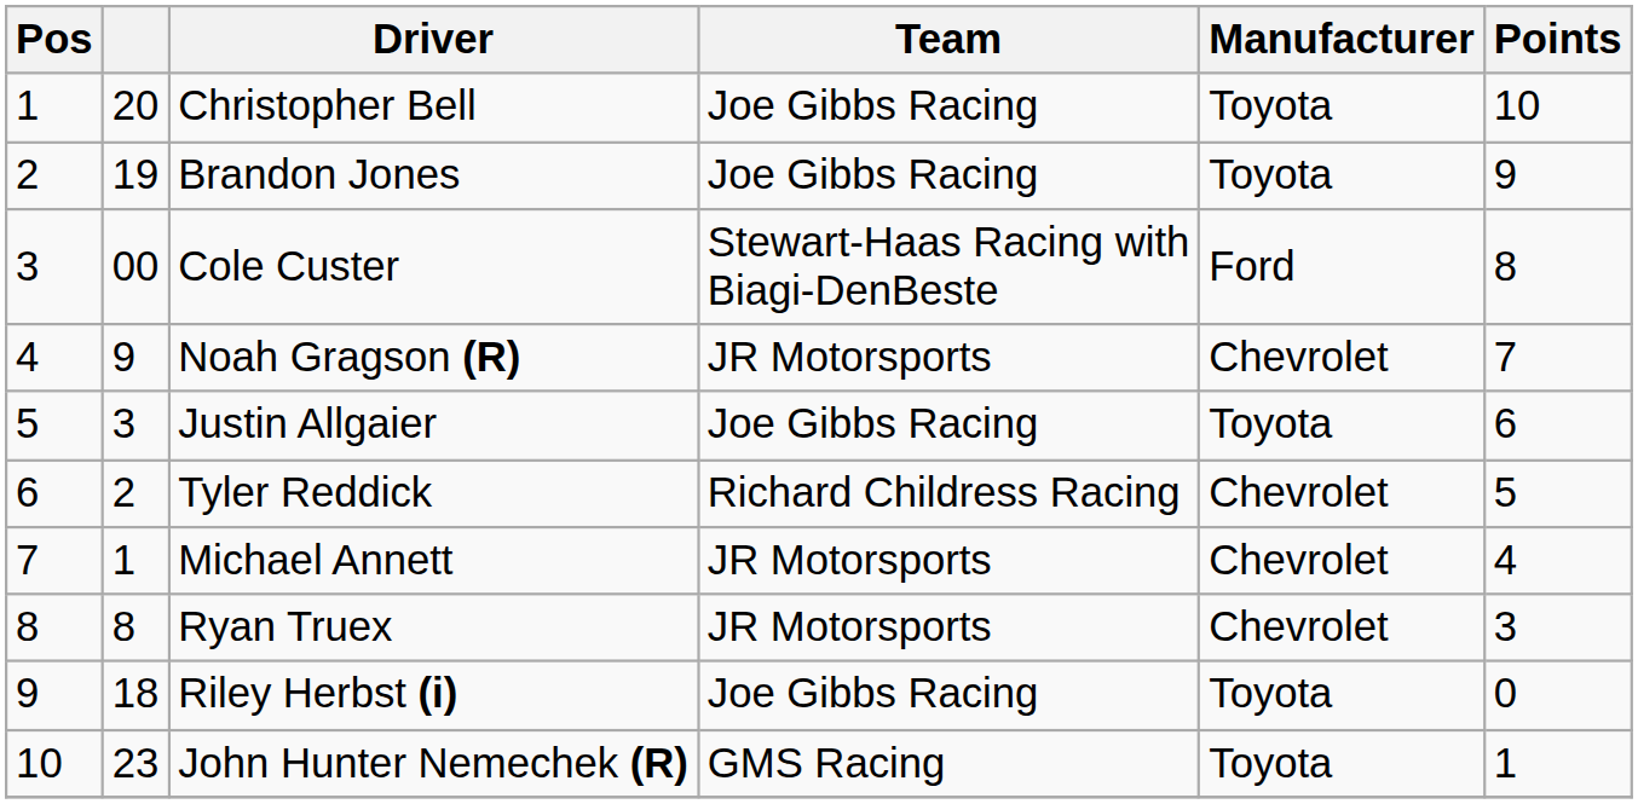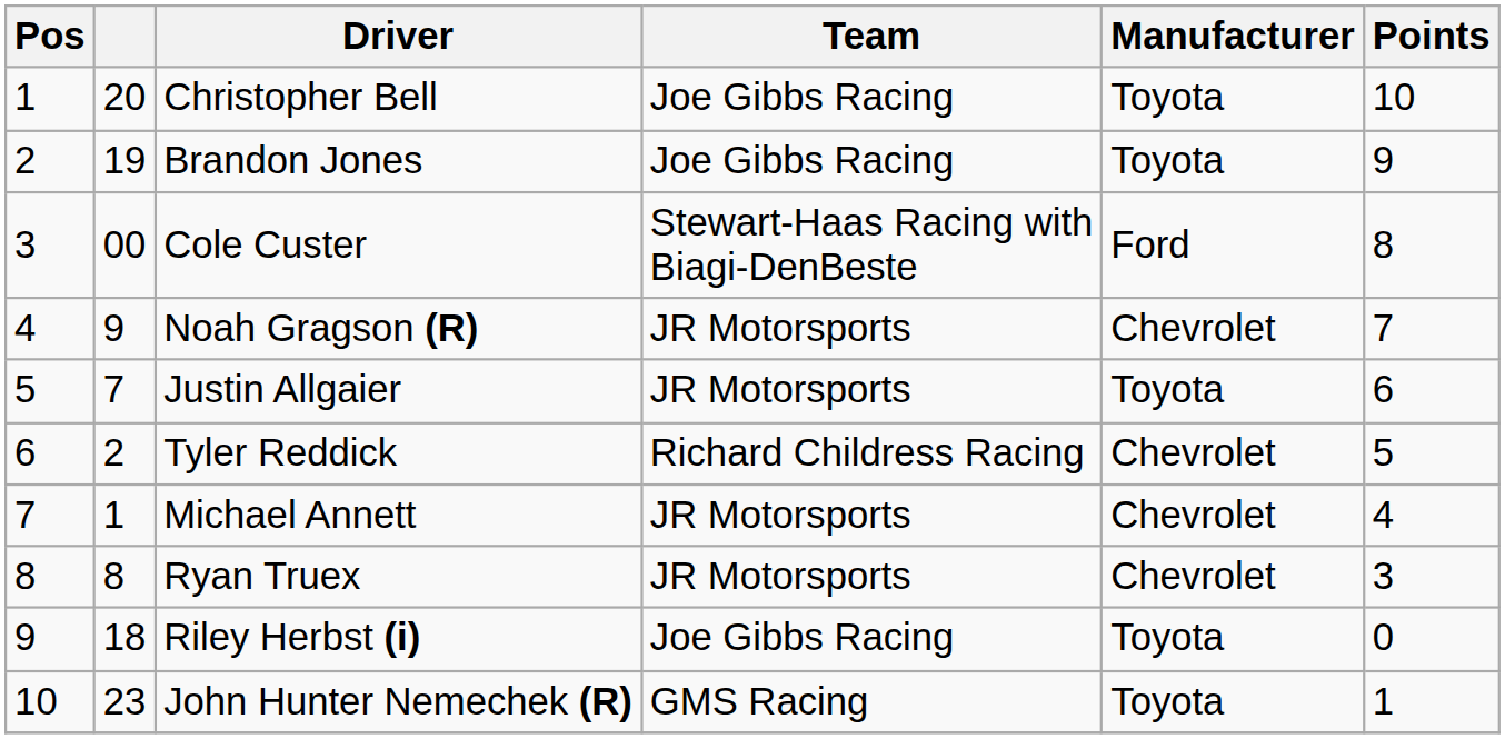 <table class="wikitable" style="font-size:98%">
 <tr>
 <th>Pos</th>
 <th></th>
 <th>Driver</th>
 <th>Team</th>
 <th>Manufacturer</th>
 <th>Points</th>
 </tr>
 <tr>
 <td>1</td>
 <td>20</td>
 <td>Christopher Bell</td>
 <td>Joe Gibbs Racing</td>
 <td>Toyota</td>
 <td>10</td>
 </tr>
 <tr>
 <td>2</td>
 <td>19</td>
 <td>Brandon Jones</td>
 <td>Joe Gibbs Racing</td>
 <td>Toyota</td>
 <td>9</td>
 </tr>
 <tr>
 <td>3</td>
 <td>00</td>
 <td>Cole Custer</td>
 <td>Stewart-Haas Racing with <br> Biagi-DenBeste</td>
 <td>Ford</td>
 <td>8</td>
 </tr>
 <tr>
 <td>4</td>
 <td>9</td>
 <td>Noah Gragson <strong>(R)</strong></td>
 <td>JR Motorsports</td>
 <td>Chevrolet</td>
 <td>7</td>
 </tr>
 <tr>
 <td>5</td>
-<td>3</td>
+<td>7</td>
 <td>Justin Allgaier</td>
-<td>Joe Gibbs Racing</td>
+<td>JR Motorsports</td>
 <td>Toyota</td>
 <td>6</td>
 </tr>
 <tr>
 <td>6</td>
 <td>2</td>
 <td>Tyler Reddick</td>
 <td>Richard Childress Racing</td>
 <td>Chevrolet</td>
 <td>5</td>
 </tr>
 <tr>
 <td>7</td>
 <td>1</td>
 <td>Michael Annett</td>
 <td>JR Motorsports</td>
 <td>Chevrolet</td>
 <td>4</td>
 </tr>
 <tr>
 <td>8</td>
 <td>8</td>
 <td>Ryan Truex</td>
 <td>JR Motorsports</td>
 <td>Chevrolet</td>
 <td>3</td>
 </tr>
 <tr>
 <td>9</td>
 <td>18</td>
 <td>Riley Herbst <strong>(i)</strong></td>
 <td>Joe Gibbs Racing</td>
 <td>Toyota</td>
 <td>0</td>
 </tr>
 <tr>
 <td>10</td>
 <td>23</td>
 <td>John Hunter Nemechek <strong>(R)</strong></td>
 <td>GMS Racing</td>
 <td>Toyota</td>
 <td>1</td>
 </tr>
 <tr>
 </tr>
 </table>
